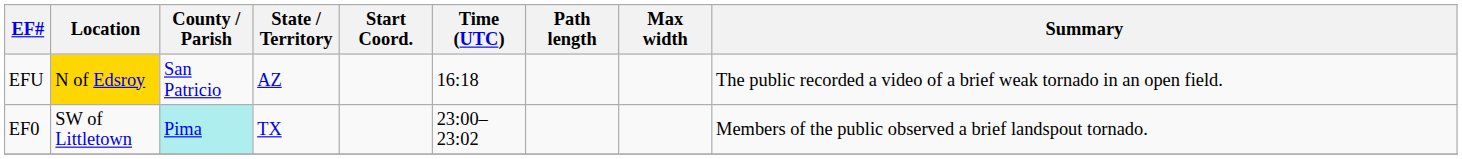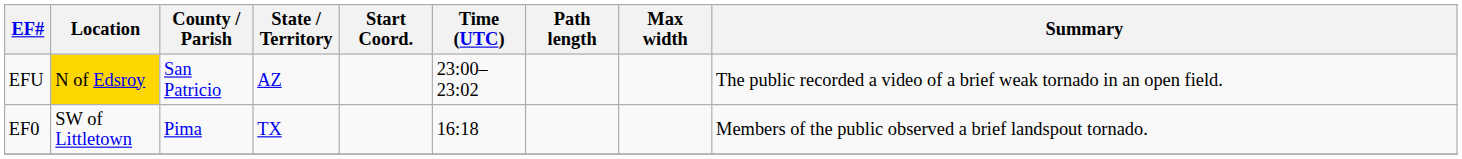 <table class="wikitable sortable" style="width:100%;">
 <tr>
 <th scope="col"  style="width:3%; text-align:center;"><a href='#'>EF#</a></th>
 <th scope="col"  style="width:7%; text-align:center;" class="unsortable">Location</th>
 <th scope="col"  style="width:6%; text-align:center;" class="unsortable">County / Parish</th>
 <th scope="col"  style="width:5%; text-align:center;">State / Territory</th>
 <th scope="col"  style="width:6%; text-align:center;">Start Coord.</th>
 <th scope="col"  style="width:6%; text-align:center;">Time (<a href='#'>UTC</a>)</th>
 <th scope="col"  style="width:6%; text-align:center;">Path length</th>
 <th scope="col"  style="width:6%; text-align:center;">Max width</th>
 <th scope="col" class="unsortable" style="width:48%; text-align:center;">Summary</th>
 </tr>
 <tr>
 <td>EFU</td>
 <td style="background: gold;">N of <a href='#'>Edsroy</a></td>
 <td><a href='#'>San Patricio</a></td>
 <td><a href='#'>AZ</a></td>
 <td></td>
-<td>16:18</td>
+<td>23:00–23:02</td>
 <td></td>
 <td></td>
 <td>The public recorded a video of a brief weak tornado in an open field.</td>
 </tr>
 <tr>
 <td>EF0</td>
 <td>SW of <a href='#'>Littletown</a></td>
-<td style="background: paleturquoise;"><a href='#'>Pima</a></td>
+<td><a href='#'>Pima</a></td>
 <td><a href='#'>TX</a></td>
 <td></td>
-<td>23:00–23:02</td>
+<td>16:18</td>
 <td></td>
 <td></td>
 <td>Members of the public observed a brief landspout tornado.</td>
 </tr>
 <tr>
 </tr>
 </table>
